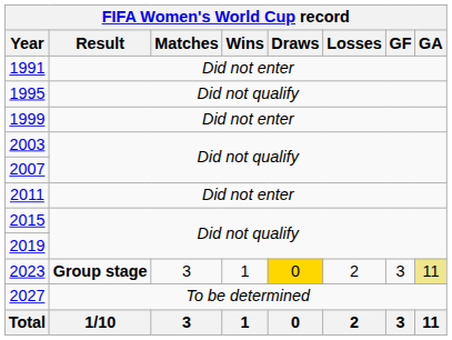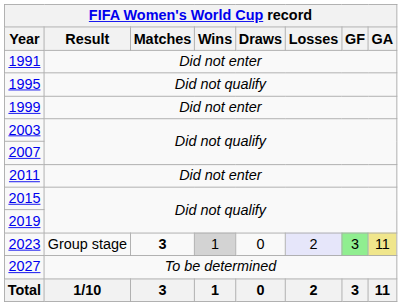 <table class="wikitable" style="text-align: center;">
 <tr>
 <th colspan=8><a href='#'>FIFA Women's World Cup</a> record</th>
 </tr>
 <tr>
 <th>Year</th>
 <th>Result</th>
 <th>Matches</th>
 <th>Wins</th>
 <th>Draws</th>
 <th>Losses</th>
 <th>GF</th>
 <th>GA</th>
 </tr>
 <tr>
 <td> <a href='#'>1991</a></td>
 <td colspan=8><em>Did not enter</em></td>
 </tr>
 <tr>
 <td> <a href='#'>1995</a></td>
 <td colspan=8><em>Did not qualify</em></td>
 </tr>
 <tr>
 <td> <a href='#'>1999</a></td>
 <td colspan=8><em>Did not enter</em></td>
 </tr>
 <tr>
 <td> <a href='#'>2003</a></td>
 <td colspan=8 rowspan=2><em>Did not qualify</em></td>
 </tr>
 <tr>
 <td> <a href='#'>2007</a></td>
 </tr>
 <tr>
 <td> <a href='#'>2011</a></td>
 <td colspan=8><em>Did not enter</em></td>
 </tr>
 <tr>
 <td> <a href='#'>2015</a></td>
 <td colspan=8 rowspan=2><em>Did not qualify</em></td>
 </tr>
 <tr>
 <td> <a href='#'>2019</a></td>
 </tr>
 <tr>
 <td> <a href='#'>2023</a></td>
-<td><strong>Group stage</strong></td>
-<td>3</td>
-<td>1</td>
-<td style="background: gold;">0</td>
-<td>2</td>
-<td>3</td>
+<td>Group stage</td>
+<td><strong>3</strong></td>
+<td style="background: lightgrey;">1</td>
+<td>0</td>
+<td style="background: lavender;">2</td>
+<td style="background: lightgreen;">3</td>
 <td style="background: khaki;">11</td>
 </tr>
 <tr>
 <td> <a href='#'>2027</a></td>
 <td colspan=8><em>To be determined</em></td>
 </tr>
 <tr>
 <th><strong>Total</strong></th>
 <th><strong>1/10</strong></th>
 <th><strong>3</strong></th>
 <th><strong>1</strong></th>
 <th><strong>0</strong></th>
 <th><strong>2</strong></th>
 <th><strong>3</strong></th>
 <th><strong>11</strong></th>
 </tr>
 </table>
